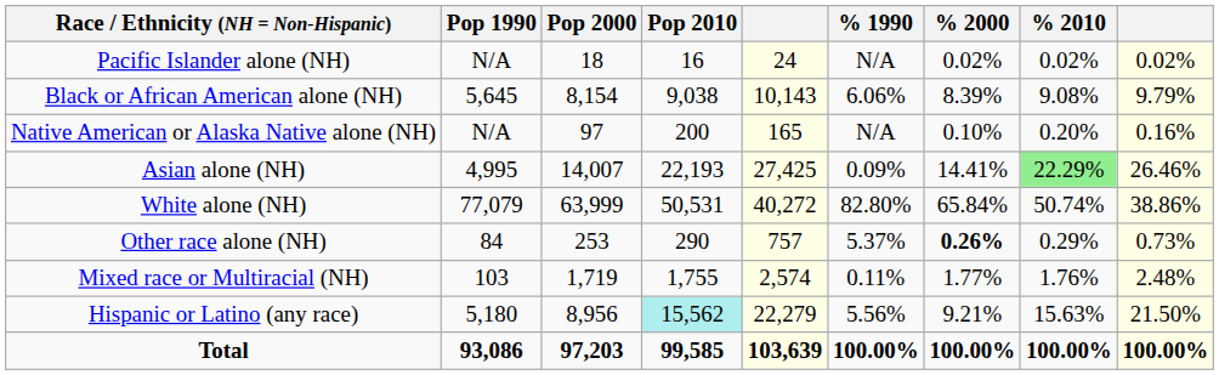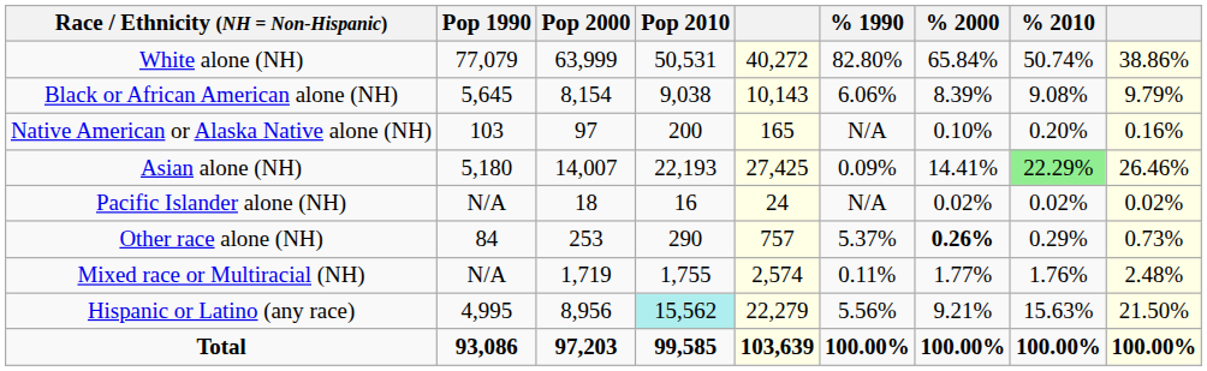 <table class="wikitable" style="text-align:center;">
 <tr>
 <th>Race / Ethnicity <small>(<em>NH = Non-Hispanic</em>)</small></th>
 <th>Pop 1990</th>
 <th>Pop 2000</th>
 <th>Pop 2010</th>
 <th></th>
 <th>% 1990</th>
 <th>% 2000</th>
 <th>% 2010</th>
 <th></th>
 </tr>
 <tr>
-<td><a href='#'>Pacific Islander</a> alone (NH)</td>
-<td>N/A</td>
-<td>18</td>
-<td>16</td>
-<td style='background: #ffffe6;'>24</td>
-<td>N/A</td>
-<td>0.02%</td>
-<td>0.02%</td>
-<td style='background: #ffffe6;'>0.02%</td>
+<td><a href='#'>White</a> alone (NH)</td>
+<td>77,079</td>
+<td>63,999</td>
+<td>50,531</td>
+<td style='background: #ffffe6;'>40,272</td>
+<td>82.80%</td>
+<td>65.84%</td>
+<td>50.74%</td>
+<td style='background: #ffffe6;'>38.86%</td>
 </tr>
 <tr>
 <td><a href='#'>Black or African American</a> alone (NH)</td>
 <td>5,645</td>
 <td>8,154</td>
 <td>9,038</td>
 <td style='background: #ffffe6;'>10,143</td>
 <td>6.06%</td>
 <td>8.39%</td>
 <td>9.08%</td>
 <td style='background: #ffffe6;'>9.79%</td>
 </tr>
 <tr>
 <td><a href='#'>Native American</a> or <a href='#'>Alaska Native</a> alone (NH)</td>
-<td>N/A</td>
+<td>103</td>
 <td>97</td>
 <td>200</td>
 <td style='background: #ffffe6;'>165</td>
 <td>N/A</td>
 <td>0.10%</td>
 <td>0.20%</td>
 <td style='background: #ffffe6;'>0.16%</td>
 </tr>
 <tr>
 <td><a href='#'>Asian</a> alone (NH)</td>
-<td>4,995</td>
+<td>5,180</td>
 <td>14,007</td>
 <td>22,193</td>
 <td style='background: #ffffe6;'>27,425</td>
 <td>0.09%</td>
 <td>14.41%</td>
 <td style="background: lightgreen;">22.29%</td>
 <td style='background: #ffffe6;'>26.46%</td>
 </tr>
 <tr>
-<td><a href='#'>White</a> alone (NH)</td>
-<td>77,079</td>
-<td>63,999</td>
-<td>50,531</td>
-<td style='background: #ffffe6;'>40,272</td>
-<td>82.80%</td>
-<td>65.84%</td>
-<td>50.74%</td>
-<td style='background: #ffffe6;'>38.86%</td>
+<td><a href='#'>Pacific Islander</a> alone (NH)</td>
+<td>N/A</td>
+<td>18</td>
+<td>16</td>
+<td style='background: #ffffe6;'>24</td>
+<td>N/A</td>
+<td>0.02%</td>
+<td>0.02%</td>
+<td style='background: #ffffe6;'>0.02%</td>
 </tr>
 <tr>
 <td><a href='#'>Other race</a> alone (NH)</td>
 <td>84</td>
 <td>253</td>
 <td>290</td>
 <td style='background: #ffffe6;'>757</td>
 <td>5.37%</td>
 <td><strong>0.26%</strong></td>
 <td>0.29%</td>
 <td style='background: #ffffe6;'>0.73%</td>
 </tr>
 <tr>
 <td><a href='#'>Mixed race or Multiracial</a> (NH)</td>
-<td>103</td>
+<td>N/A</td>
 <td>1,719</td>
 <td>1,755</td>
 <td style='background: #ffffe6;'>2,574</td>
 <td>0.11%</td>
 <td>1.77%</td>
 <td>1.76%</td>
 <td style='background: #ffffe6;'>2.48%</td>
 </tr>
 <tr>
 <td><a href='#'>Hispanic or Latino</a> (any race)</td>
-<td>5,180</td>
+<td>4,995</td>
 <td>8,956</td>
 <td style="background: paleturquoise;">15,562</td>
 <td style='background: #ffffe6;'>22,279</td>
 <td>5.56%</td>
 <td>9.21%</td>
 <td>15.63%</td>
 <td style='background: #ffffe6;'>21.50%</td>
 </tr>
 <tr>
 <td><strong>Total</strong></td>
 <td><strong>93,086</strong></td>
 <td><strong>97,203</strong></td>
 <td><strong>99,585</strong></td>
 <td style='background: #ffffe6;'><strong>103,639</strong></td>
 <td><strong>100.00%</strong></td>
 <td><strong>100.00%</strong></td>
 <td><strong>100.00%</strong></td>
 <td style='background: #ffffe6;'><strong>100.00%</strong></td>
 </tr>
 </table>
